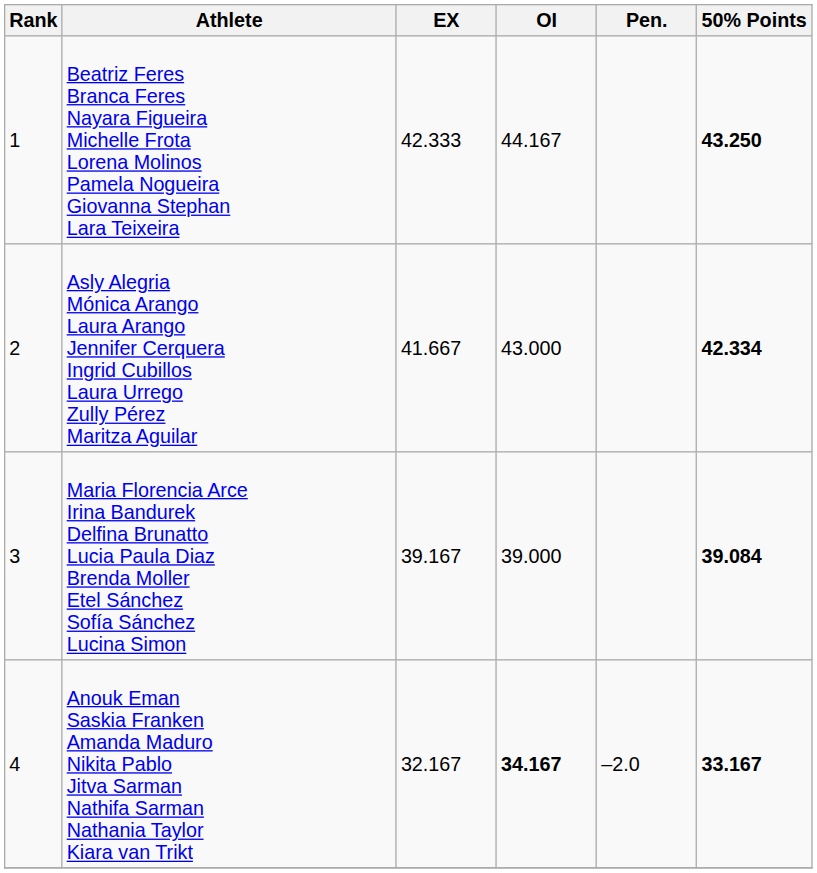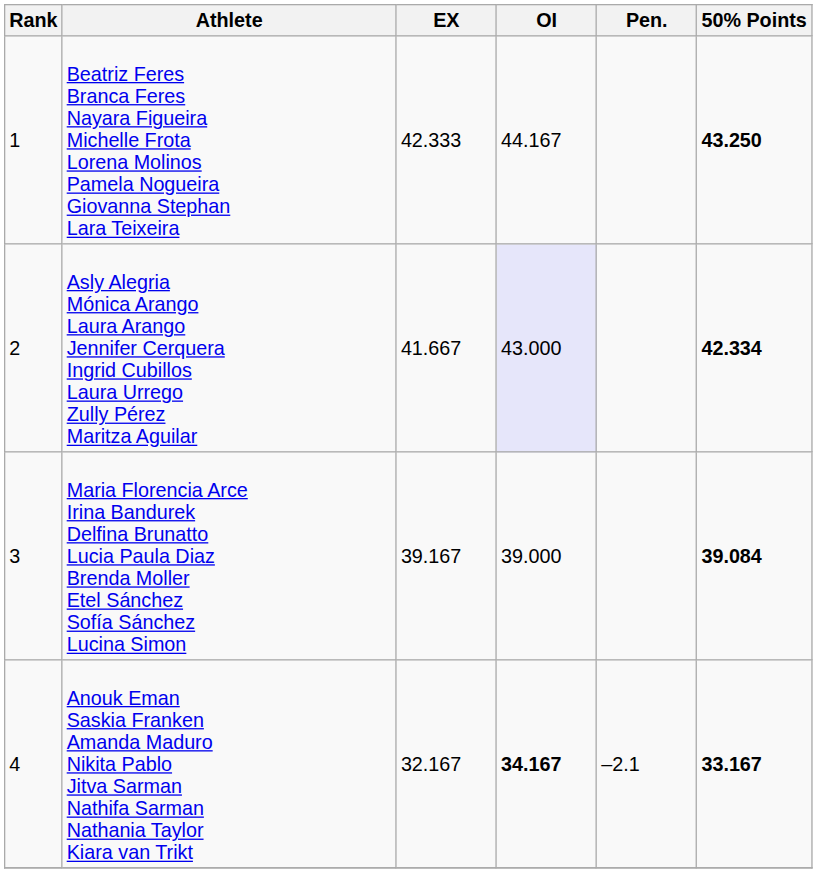 <table class="wikitable" style="font-size:95%" style="width:35em;" style="text-align:center">
 <tr>
 <th>Rank</th>
 <th width=250>Athlete</th>
 <th width=70>EX</th>
 <th width=70>OI</th>
 <th width=70>Pen.</th>
 <th>50% Points</th>
 </tr>
 <tr>
 <td>1</td>
 <td align=left><br><a href='#'>Beatriz Feres</a><br><a href='#'>Branca Feres</a><br><a href='#'>Nayara Figueira</a><br><a href='#'>Michelle Frota</a><br><a href='#'>Lorena Molinos</a><br><a href='#'>Pamela Nogueira</a><br><a href='#'>Giovanna Stephan</a><br><a href='#'>Lara Teixeira</a></td>
 <td>42.333</td>
 <td>44.167</td>
 <td></td>
 <td><strong>43.250</strong></td>
 </tr>
 <tr>
 <td>2</td>
 <td align=left><br><a href='#'>Asly Alegria</a><br><a href='#'>Mónica Arango</a><br><a href='#'>Laura Arango</a><br><a href='#'>Jennifer Cerquera</a><br><a href='#'>Ingrid Cubillos</a><br><a href='#'>Laura Urrego</a><br><a href='#'>Zully Pérez</a><br><a href='#'>Maritza Aguilar</a></td>
 <td>41.667</td>
-<td>43.000</td>
+<td style="background: lavender;">43.000</td>
 <td></td>
 <td><strong>42.334</strong></td>
 </tr>
 <tr>
 <td>3</td>
 <td align=left><br><a href='#'>Maria Florencia Arce</a><br><a href='#'>Irina Bandurek</a><br><a href='#'>Delfina Brunatto</a><br><a href='#'>Lucia Paula Diaz</a><br><a href='#'>Brenda Moller</a><br><a href='#'>Etel Sánchez</a><br><a href='#'>Sofía Sánchez</a><br><a href='#'>Lucina Simon</a></td>
 <td>39.167</td>
 <td>39.000</td>
 <td></td>
 <td><strong>39.084</strong></td>
 </tr>
 <tr>
 <td>4</td>
 <td align=left><br><a href='#'>Anouk Eman</a><br><a href='#'>Saskia Franken</a><br><a href='#'>Amanda Maduro</a><br><a href='#'>Nikita Pablo</a><br><a href='#'>Jitva Sarman</a><br><a href='#'>Nathifa Sarman</a><br><a href='#'>Nathania Taylor</a><br><a href='#'>Kiara van Trikt</a></td>
 <td>32.167</td>
 <td><strong>34.167</strong></td>
-<td>–2.0</td>
+<td>–2.1</td>
 <td><strong>33.167</strong></td>
 </tr>
 <tr>
 </tr>
 </table>
